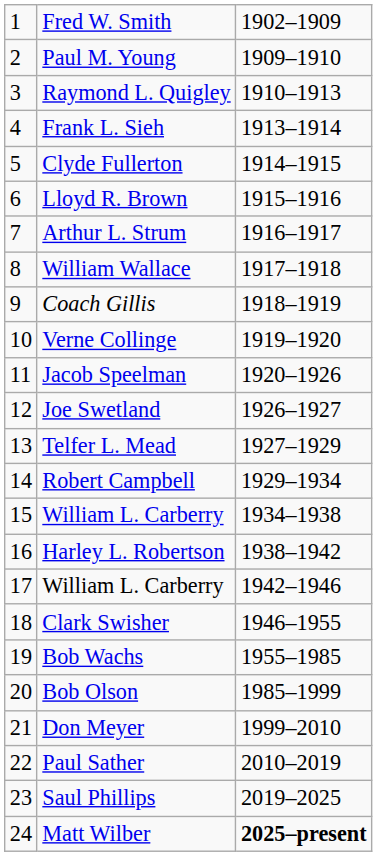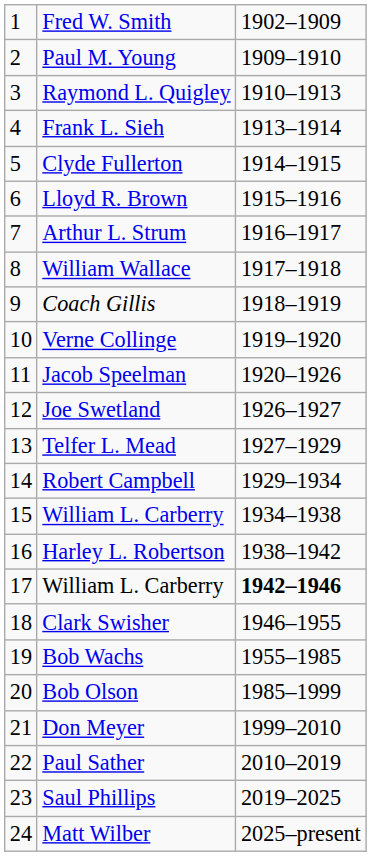 <table class="wikitable">
 <tr>
 <td>1</td>
 <td><a href='#'>Fred W. Smith</a></td>
 <td>1902–1909</td>
 </tr>
 <tr>
 <td>2</td>
 <td><a href='#'>Paul M. Young</a></td>
 <td>1909–1910</td>
 </tr>
 <tr>
 <td>3</td>
 <td><a href='#'>Raymond L. Quigley</a></td>
 <td>1910–1913</td>
 </tr>
 <tr>
 <td>4</td>
 <td><a href='#'>Frank L. Sieh</a></td>
 <td>1913–1914</td>
 </tr>
 <tr>
 <td>5</td>
 <td><a href='#'>Clyde Fullerton</a></td>
 <td>1914–1915</td>
 </tr>
 <tr>
 <td>6</td>
 <td><a href='#'>Lloyd R. Brown</a></td>
 <td>1915–1916</td>
 </tr>
 <tr>
 <td>7</td>
 <td><a href='#'>Arthur L. Strum</a></td>
 <td>1916–1917</td>
 </tr>
 <tr>
 <td>8</td>
 <td><a href='#'>William Wallace</a></td>
 <td>1917–1918</td>
 </tr>
 <tr>
 <td>9</td>
 <td><em>Coach Gillis</em></td>
 <td>1918–1919</td>
 </tr>
 <tr>
 <td>10</td>
 <td><a href='#'>Verne Collinge</a></td>
 <td>1919–1920</td>
 </tr>
 <tr>
 <td>11</td>
 <td><a href='#'>Jacob Speelman</a></td>
 <td>1920–1926</td>
 </tr>
 <tr>
 <td>12</td>
 <td><a href='#'>Joe Swetland</a></td>
 <td>1926–1927</td>
 </tr>
 <tr>
 <td>13</td>
 <td><a href='#'>Telfer L. Mead</a></td>
 <td>1927–1929</td>
 </tr>
 <tr>
 <td>14</td>
 <td><a href='#'>Robert Campbell</a></td>
 <td>1929–1934</td>
 </tr>
 <tr>
 <td>15</td>
 <td><a href='#'>William L. Carberry</a></td>
 <td>1934–1938</td>
 </tr>
 <tr>
 <td>16</td>
 <td><a href='#'>Harley L. Robertson</a></td>
 <td>1938–1942</td>
 </tr>
 <tr>
 <td>17</td>
 <td>William L. Carberry</td>
-<td>1942–1946</td>
+<td><strong>1942–1946</strong></td>
 </tr>
 <tr>
 <td>18</td>
 <td><a href='#'>Clark Swisher</a></td>
 <td>1946–1955</td>
 </tr>
 <tr>
 <td>19</td>
 <td><a href='#'>Bob Wachs</a></td>
 <td>1955–1985</td>
 </tr>
 <tr>
 <td>20</td>
 <td><a href='#'>Bob Olson</a></td>
 <td>1985–1999</td>
 </tr>
 <tr>
 <td>21</td>
 <td><a href='#'>Don Meyer</a></td>
 <td>1999–2010</td>
 </tr>
 <tr>
 <td>22</td>
 <td><a href='#'>Paul Sather</a></td>
 <td>2010–2019</td>
 </tr>
 <tr>
 <td>23</td>
 <td><a href='#'>Saul Phillips</a></td>
 <td>2019–2025</td>
 </tr>
 <tr>
 <td>24</td>
 <td><a href='#'>Matt Wilber</a></td>
-<td><strong>2025–present</strong></td>
+<td>2025–present</td>
 </tr>
 </table>
